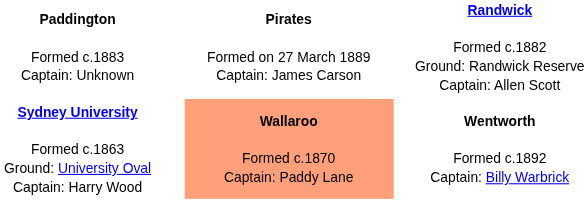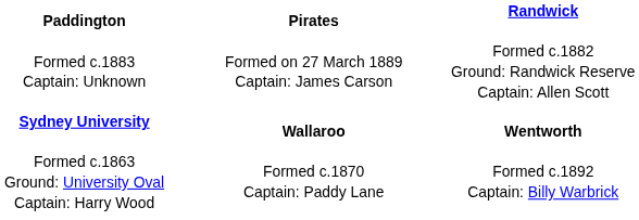 <table class="toccolours" align="center" style="text-valign: center;" cellpadding="3" cellspacing="2">
 <tr>
 <td width="195" align="center"><strong><small>Paddington</small></strong><br><br><small>Formed c.1883</small><strong><br></strong> <small>Captain: Unknown</small></td>
 <td width="195" align="center"><strong><small>Pirates</small></strong><br><br><small>Formed on 27 March 1889</small><strong><br></strong> <small>Captain: James Carson</small></td>
 <td width="195" align="center"><strong><small><a href='#'>Randwick</a></small></strong><br><br><small>Formed c.1882</small><strong><br></strong> <small>Ground: Randwick Reserve</small><strong><br></strong> <small>Captain: Allen Scott</small></td>
 </tr>
 <tr>
 <td align="center"><strong><small><a href='#'>Sydney University</a></small></strong><br><br><small>Formed c.1863</small><strong><br></strong> <small>Ground: <a href='#'>University Oval</a></small><strong><br></strong> <small>Captain: Harry Wood</small></td>
-<td align="center" style="background: lightsalmon;"><strong><small>Wallaroo</small></strong><br><br><small>Formed c.1870</small><strong><br></strong> <small>Captain: Paddy Lane</small></td>
+<td align="center"><strong><small>Wallaroo</small></strong><br><br><small>Formed c.1870</small><strong><br></strong> <small>Captain: Paddy Lane</small></td>
 <td align="center"><strong><small>Wentworth</small></strong><br><br><small>Formed c.1892</small><strong><br></strong> <small>Captain: <a href='#'>Billy Warbrick</a></small></td>
 </tr>
 </table>
